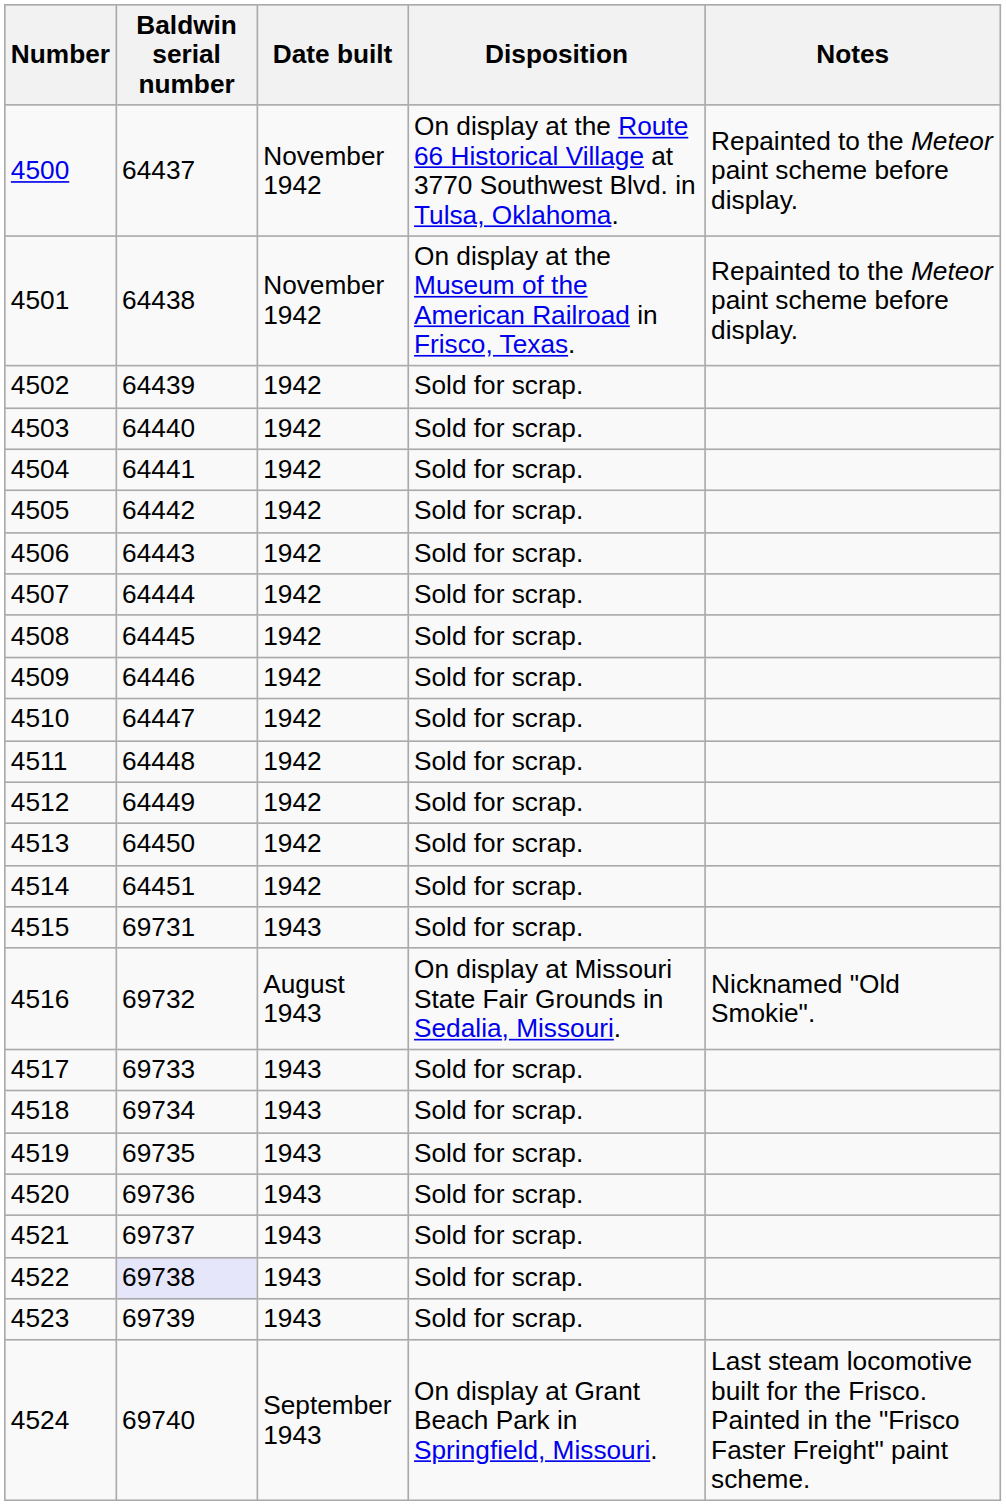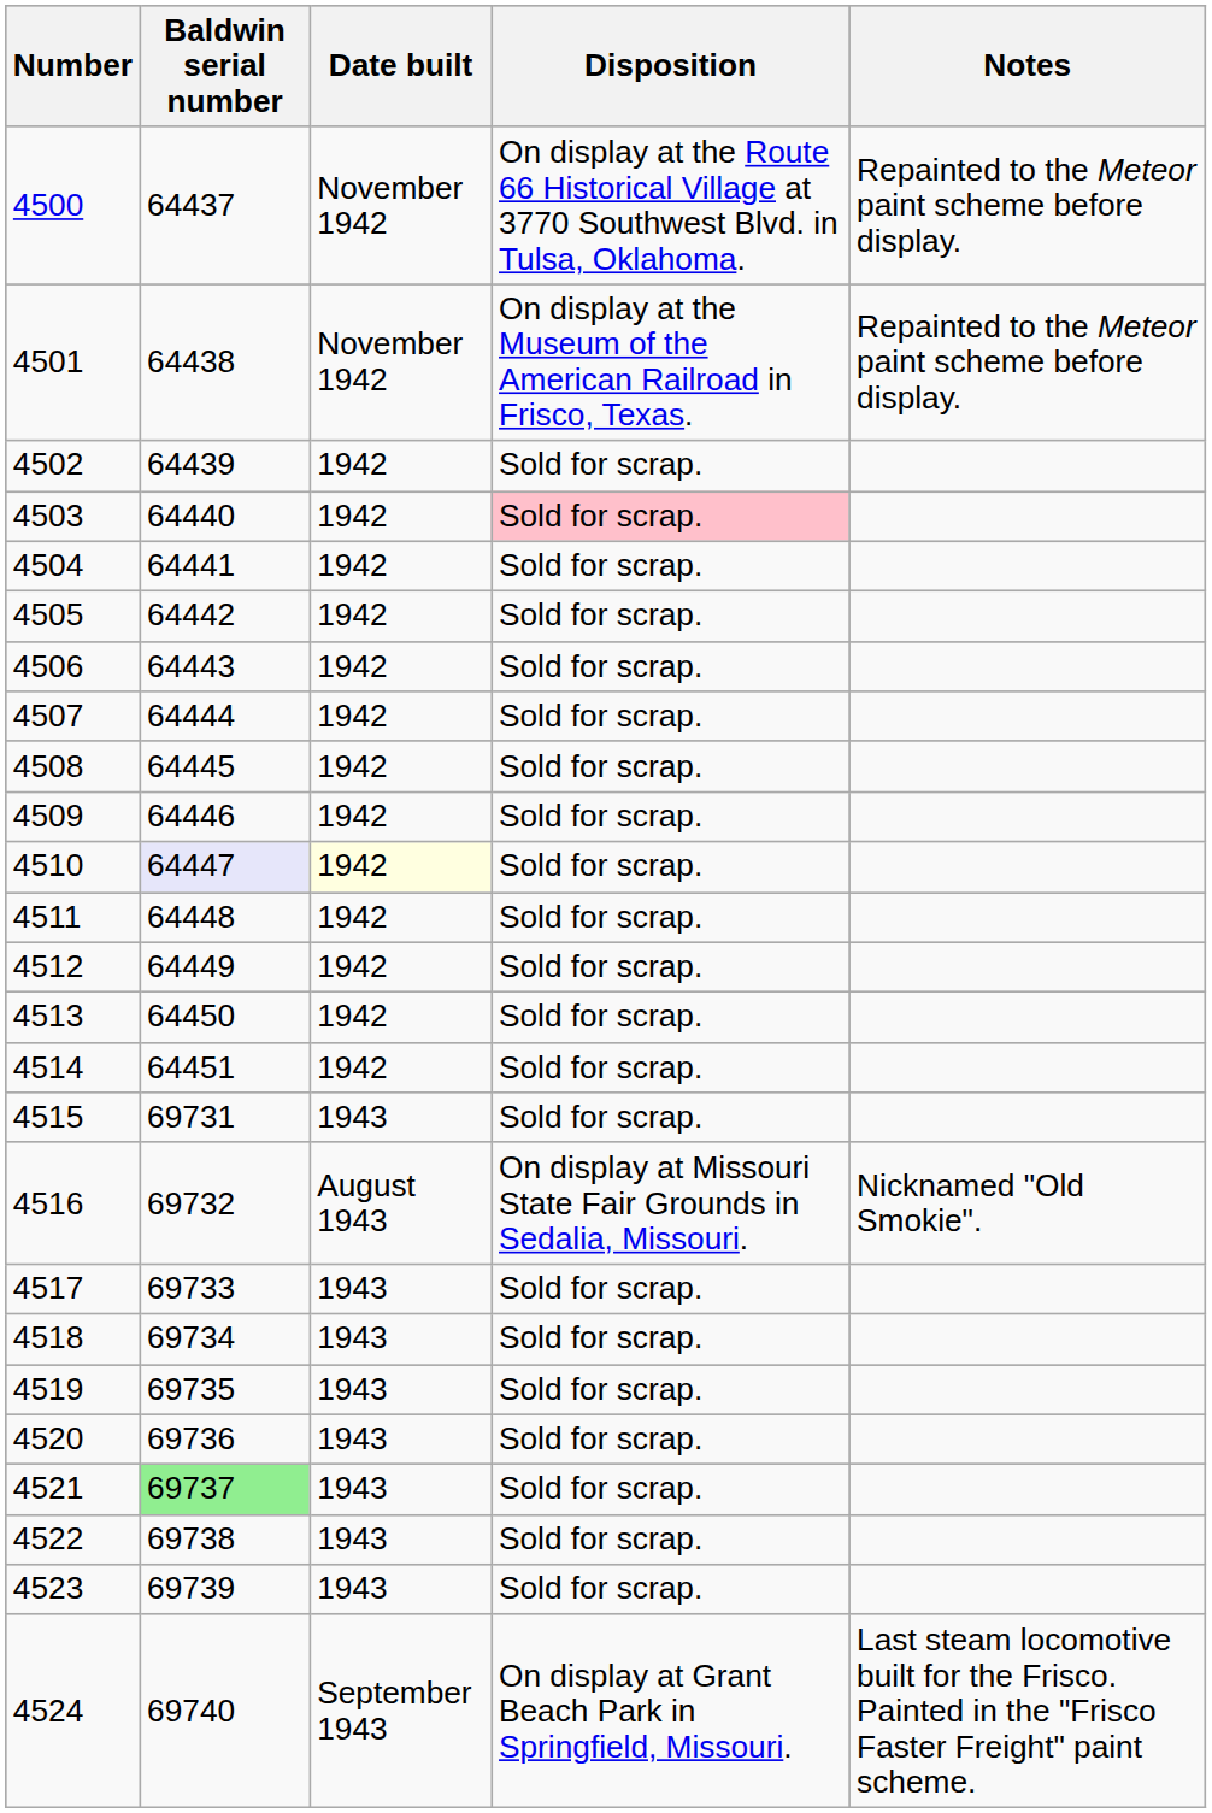 <table class="wikitable">
 <tr>
 <th>Number</th>
 <th>Baldwin serial number</th>
 <th>Date built</th>
 <th>Disposition</th>
 <th>Notes</th>
 </tr>
 <tr>
 <td><a href='#'>4500</a></td>
 <td>64437</td>
 <td>November 1942</td>
 <td>On display at the <a href='#'>Route 66 Historical Village</a> at 3770 Southwest Blvd. in <a href='#'>Tulsa, Oklahoma</a>.</td>
 <td>Repainted to the <em>Meteor</em> paint scheme before display.</td>
 </tr>
 <tr>
 <td>4501</td>
 <td>64438</td>
 <td>November 1942</td>
 <td>On display at the <a href='#'>Museum of the American Railroad</a> in <a href='#'>Frisco, Texas</a>.</td>
 <td>Repainted to the <em>Meteor</em> paint scheme before display.</td>
 </tr>
 <tr>
 <td>4502</td>
 <td>64439</td>
 <td>1942</td>
 <td>Sold for scrap.</td>
 <td></td>
 </tr>
 <tr>
 <td>4503</td>
 <td>64440</td>
 <td>1942</td>
-<td>Sold for scrap.</td>
+<td style="background: pink;">Sold for scrap.</td>
 <td></td>
 </tr>
 <tr>
 <td>4504</td>
 <td>64441</td>
 <td>1942</td>
 <td>Sold for scrap.</td>
 <td></td>
 </tr>
 <tr>
 <td>4505</td>
 <td>64442</td>
 <td>1942</td>
 <td>Sold for scrap.</td>
 <td></td>
 </tr>
 <tr>
 <td>4506</td>
 <td>64443</td>
 <td>1942</td>
 <td>Sold for scrap.</td>
 <td></td>
 </tr>
 <tr>
 <td>4507</td>
 <td>64444</td>
 <td>1942</td>
 <td>Sold for scrap.</td>
 <td></td>
 </tr>
 <tr>
 <td>4508</td>
 <td>64445</td>
 <td>1942</td>
 <td>Sold for scrap.</td>
 <td></td>
 </tr>
 <tr>
 <td>4509</td>
 <td>64446</td>
 <td>1942</td>
 <td>Sold for scrap.</td>
 <td></td>
 </tr>
 <tr>
 <td>4510</td>
-<td>64447</td>
-<td>1942</td>
+<td style="background: lavender;">64447</td>
+<td style="background: lightyellow;">1942</td>
 <td>Sold for scrap.</td>
 <td></td>
 </tr>
 <tr>
 <td>4511</td>
 <td>64448</td>
 <td>1942</td>
 <td>Sold for scrap.</td>
 <td></td>
 </tr>
 <tr>
 <td>4512</td>
 <td>64449</td>
 <td>1942</td>
 <td>Sold for scrap.</td>
 <td></td>
 </tr>
 <tr>
 <td>4513</td>
 <td>64450</td>
 <td>1942</td>
 <td>Sold for scrap.</td>
 <td></td>
 </tr>
 <tr>
 <td>4514</td>
 <td>64451</td>
 <td>1942</td>
 <td>Sold for scrap.</td>
 <td></td>
 </tr>
 <tr>
 <td>4515</td>
 <td>69731</td>
 <td>1943</td>
 <td>Sold for scrap.</td>
 <td></td>
 </tr>
 <tr>
 <td>4516</td>
 <td>69732</td>
 <td>August 1943</td>
 <td>On display at Missouri State Fair Grounds in <a href='#'>Sedalia, Missouri</a>.</td>
 <td>Nicknamed "Old Smokie".</td>
 </tr>
 <tr>
 <td>4517</td>
 <td>69733</td>
 <td>1943</td>
 <td>Sold for scrap.</td>
 <td></td>
 </tr>
 <tr>
 <td>4518</td>
 <td>69734</td>
 <td>1943</td>
 <td>Sold for scrap.</td>
 <td></td>
 </tr>
 <tr>
 <td>4519</td>
 <td>69735</td>
 <td>1943</td>
 <td>Sold for scrap.</td>
 <td></td>
 </tr>
 <tr>
 <td>4520</td>
 <td>69736</td>
 <td>1943</td>
 <td>Sold for scrap.</td>
 <td></td>
 </tr>
 <tr>
 <td>4521</td>
-<td>69737</td>
+<td style="background: lightgreen;">69737</td>
 <td>1943</td>
 <td>Sold for scrap.</td>
 <td></td>
 </tr>
 <tr>
 <td>4522</td>
-<td style="background: lavender;">69738</td>
+<td>69738</td>
 <td>1943</td>
 <td>Sold for scrap.</td>
 <td></td>
 </tr>
 <tr>
 <td>4523</td>
 <td>69739</td>
 <td>1943</td>
 <td>Sold for scrap.</td>
 <td></td>
 </tr>
 <tr>
 <td>4524</td>
 <td>69740</td>
 <td>September 1943</td>
 <td>On display at Grant Beach Park in <a href='#'>Springfield, Missouri</a>.</td>
 <td>Last steam locomotive built for the Frisco. Painted in the "Frisco Faster Freight" paint scheme.</td>
 </tr>
 <tr>
 </tr>
 </table>
